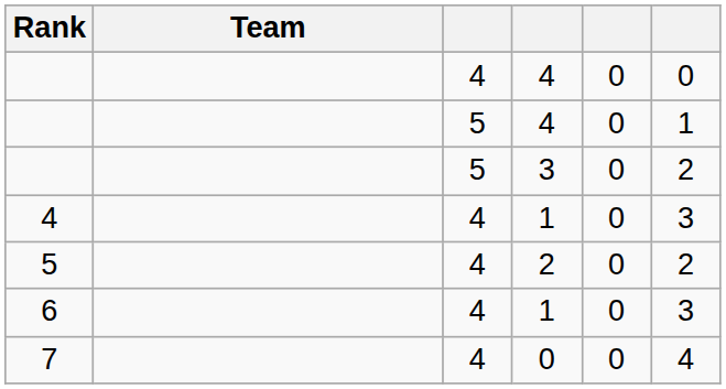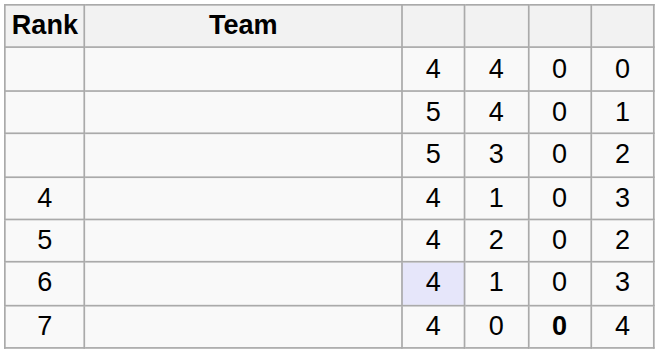 <table class="wikitable" style="text-align: center;">
 <tr>
 <th width=40>Rank</th>
 <th width=180>Team</th>
 <th width=30></th>
 <th width=30></th>
 <th width=30></th>
 <th width=30></th>
 </tr>
 <tr>
 <td></td>
 <td align=left></td>
 <td>4</td>
 <td>4</td>
 <td>0</td>
 <td>0</td>
 </tr>
 <tr>
 <td></td>
 <td align=left></td>
 <td>5</td>
 <td>4</td>
 <td>0</td>
 <td>1</td>
 </tr>
 <tr>
 <td></td>
 <td align=left></td>
 <td>5</td>
 <td>3</td>
 <td>0</td>
 <td>2</td>
 </tr>
 <tr>
 <td>4</td>
 <td align=left></td>
 <td>4</td>
 <td>1</td>
 <td>0</td>
 <td>3</td>
 </tr>
 <tr>
 <td>5</td>
 <td align=left></td>
 <td>4</td>
 <td>2</td>
 <td>0</td>
 <td>2</td>
 </tr>
 <tr>
 <td>6</td>
 <td align=left></td>
-<td>4</td>
+<td style="background: lavender;">4</td>
 <td>1</td>
 <td>0</td>
 <td>3</td>
 </tr>
 <tr>
 <td>7</td>
 <td align=left></td>
 <td>4</td>
 <td>0</td>
-<td>0</td>
+<td><strong>0</strong></td>
 <td>4</td>
 </tr>
 </table>
